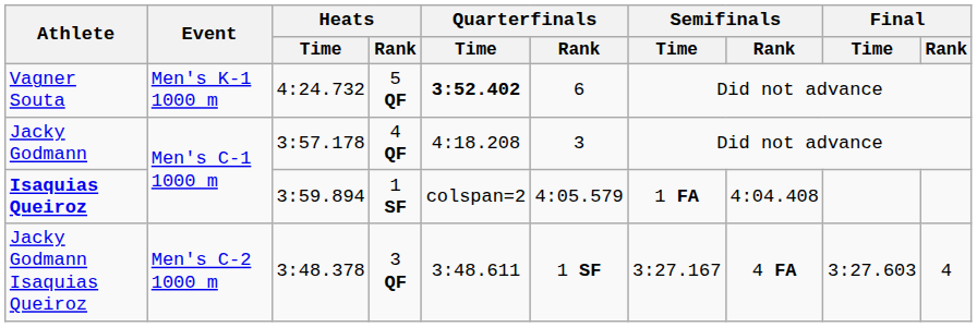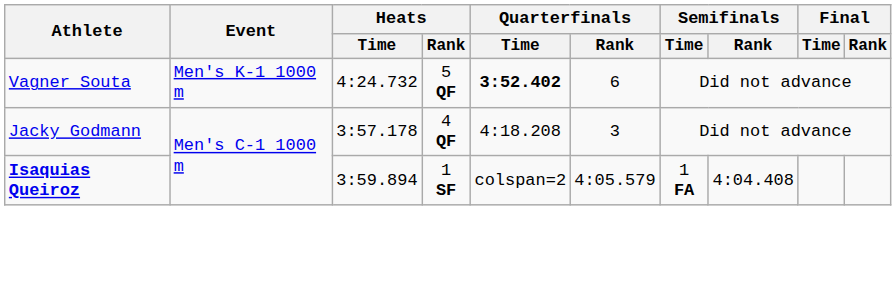 <table class=wikitable style="font-size:90%">
 <tr>
 <th rowspan="2">Athlete</th>
 <th rowspan="2">Event</th>
 <th colspan=2>Heats</th>
 <th colspan=2>Quarterfinals</th>
 <th colspan=2>Semifinals</th>
 <th colspan=2>Final</th>
 </tr>
 <tr style="font-size:95%">
 <th>Time</th>
 <th>Rank</th>
 <th>Time</th>
 <th>Rank</th>
 <th>Time</th>
 <th>Rank</th>
 <th>Time</th>
 <th>Rank</th>
 </tr>
 <tr align=center>
 <td align=left><a href='#'>Vagner Souta</a></td>
 <td align=left><a href='#'>Men's K-1 1000 m</a></td>
 <td>4:24.732</td>
 <td>5 <strong>QF</strong></td>
 <td><strong>3:52.402</strong></td>
 <td>6</td>
 <td colspan=4>Did not advance</td>
 </tr>
 <tr align=center>
 <td align=left><a href='#'>Jacky Godmann</a></td>
 <td align=left rowspan=2><a href='#'>Men's C-1 1000 m</a></td>
 <td>3:57.178</td>
 <td>4 <strong>QF</strong></td>
 <td>4:18.208</td>
 <td>3</td>
 <td colspan=4>Did not advance</td>
 </tr>
 <tr align=center>
 <td align=left><strong><a href='#'>Isaquias Queiroz</a></strong></td>
 <td>3:59.894</td>
 <td>1 <strong>SF</strong></td>
 <td>colspan=2 </td>
 <td>4:05.579</td>
 <td>1 <strong>FA</strong></td>
 <td>4:04.408</td>
 <td></td>
 </tr>
-<tr align=center>
-<td align=left><a href='#'>Jacky Godmann</a><br><a href='#'>Isaquias Queiroz</a></td>
-<td align=left><a href='#'>Men's C-2 1000 m</a></td>
-<td>3:48.378</td>
-<td>3 <strong>QF</strong></td>
-<td>3:48.611</td>
-<td>1 <strong>SF</strong></td>
-<td>3:27.167</td>
-<td>4 <strong>FA</strong></td>
-<td>3:27.603</td>
-<td>4</td>
-</tr>
 </table>
